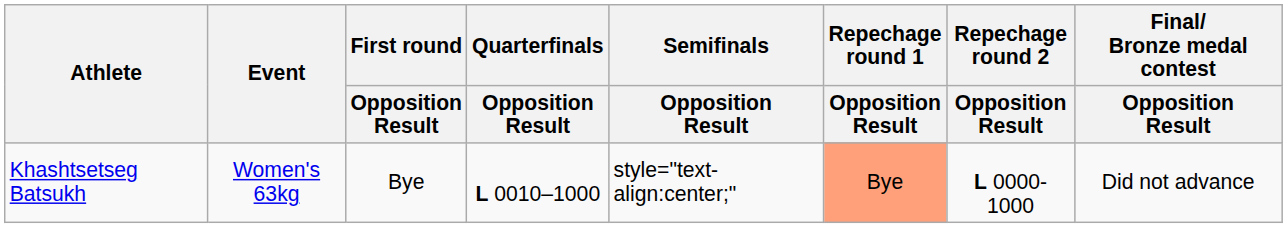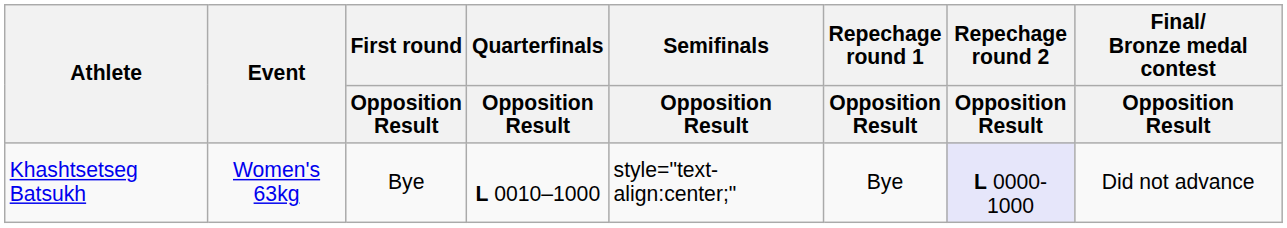 <table class= wikitable style="font-size:90%">
 <tr>
 <th rowspan="2">Athlete</th>
 <th rowspan="2">Event</th>
 <th>First round</th>
 <th>Quarterfinals</th>
 <th>Semifinals</th>
 <th>Repechage <br>round 1</th>
 <th>Repechage <br>round 2</th>
 <th>Final/<br>Bronze medal contest</th>
 </tr>
 <tr>
 <th>Opposition<br>Result</th>
 <th>Opposition<br>Result</th>
 <th>Opposition<br>Result</th>
 <th>Opposition<br>Result</th>
 <th>Opposition<br>Result</th>
 <th>Opposition<br>Result</th>
 </tr>
 <tr>
 <td><a href='#'>Khashtsetseg Batsukh</a></td>
 <td style="text-align:center;"><a href='#'>Women's 63kg</a></td>
 <td style="text-align:center;">Bye</td>
 <td style="text-align:center;"><br> <strong>L</strong> 0010–1000</td>
 <td>style="text-align:center;" </td>
-<td style="background: lightsalmon; text-align:center;">Bye</td>
-<td style="text-align:center;"><br> <strong>L</strong> 0000-1000</td>
+<td style="text-align:center;">Bye</td>
+<td style="background: lavender; text-align:center;"><br> <strong>L</strong> 0000-1000</td>
 <td style="text-align:center;">Did not advance</td>
 </tr>
 </table>
